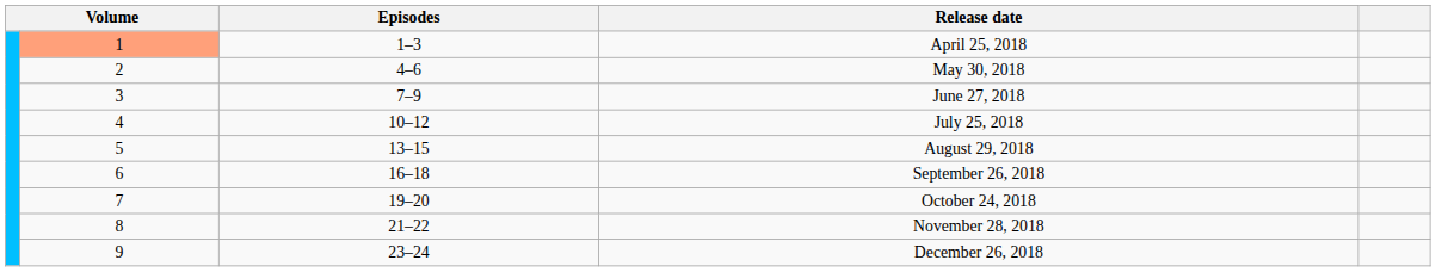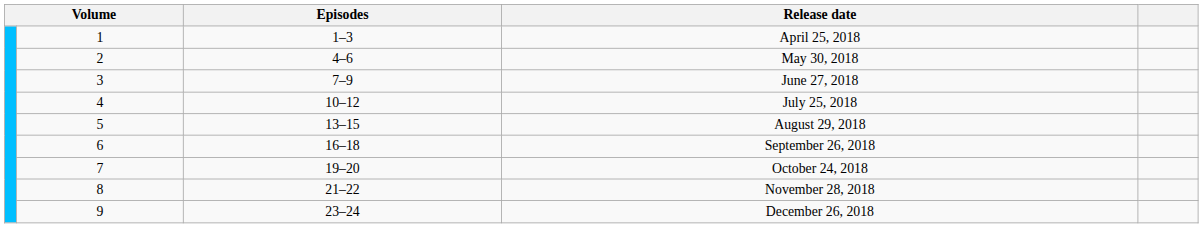 <table class="wikitable" style="text-align: center; width: 70%;">
 <tr>
 <th colspan="2" width="15%">Volume</th>
 <th>Episodes</th>
 <th>Release date</th>
 <th width="5%"></th>
 </tr>
 <tr>
 <td rowspan="9" width="1%" style="background: #00BFFF"></td>
-<td style="background: lightsalmon;">1</td>
+<td>1</td>
 <td>1–3</td>
 <td>April 25, 2018</td>
 <td></td>
 </tr>
 <tr>
 <td>2</td>
 <td>4–6</td>
 <td>May 30, 2018</td>
 <td></td>
 </tr>
 <tr>
 <td>3</td>
 <td>7–9</td>
 <td>June 27, 2018</td>
 <td></td>
 </tr>
 <tr>
 <td>4</td>
 <td>10–12</td>
 <td>July 25, 2018</td>
 <td></td>
 </tr>
 <tr>
 <td>5</td>
 <td>13–15</td>
 <td>August 29, 2018</td>
 <td></td>
 </tr>
 <tr>
 <td>6</td>
 <td>16–18</td>
 <td>September 26, 2018</td>
 <td></td>
 </tr>
 <tr>
 <td>7</td>
 <td>19–20</td>
 <td>October 24, 2018</td>
 <td></td>
 </tr>
 <tr>
 <td>8</td>
 <td>21–22</td>
 <td>November 28, 2018</td>
 <td></td>
 </tr>
 <tr>
 <td>9</td>
 <td>23–24</td>
 <td>December 26, 2018</td>
 <td></td>
 </tr>
 </table>
